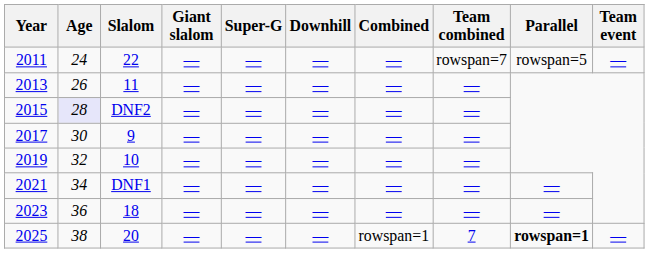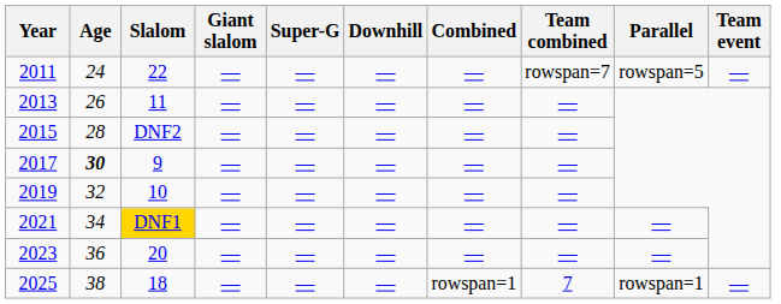 <table class=wikitable style="text-align:center">
 <tr>
 <th>  Year  </th>
 <th> Age </th>
 <th> Slalom </th>
 <th> Giant <br> slalom </th>
 <th>Super-G</th>
 <th>Downhill</th>
 <th>Combined</th>
 <th>Team<br>combined</th>
 <th>Parallel</th>
 <th>Team<br> event </th>
 </tr>
 <tr>
 <td><a href='#'>2011</a></td>
 <td><em>24</em></td>
 <td><a href='#'>22</a></td>
 <td><a href='#'>—</a></td>
 <td><a href='#'>—</a></td>
 <td><a href='#'>—</a></td>
 <td><a href='#'>—</a></td>
 <td>rowspan=7 </td>
 <td>rowspan=5 </td>
 <td><a href='#'>—</a></td>
 </tr>
 <tr>
 <td><a href='#'>2013</a></td>
 <td><em>26</em></td>
 <td><a href='#'>11</a></td>
 <td><a href='#'>—</a></td>
 <td><a href='#'>—</a></td>
 <td><a href='#'>—</a></td>
 <td><a href='#'>—</a></td>
 <td><a href='#'>—</a></td>
 </tr>
 <tr>
 <td><a href='#'>2015</a></td>
-<td style="background: lavender;"><em>28</em></td>
+<td><em>28</em></td>
 <td><a href='#'>DNF2</a></td>
 <td><a href='#'>—</a></td>
 <td><a href='#'>—</a></td>
 <td><a href='#'>—</a></td>
 <td><a href='#'>—</a></td>
 <td><a href='#'>—</a></td>
 </tr>
 <tr>
 <td><a href='#'>2017</a></td>
-<td><em>30</em></td>
+<td><strong><em>30</em></strong></td>
 <td><a href='#'>9</a></td>
 <td><a href='#'>—</a></td>
 <td><a href='#'>—</a></td>
 <td><a href='#'>—</a></td>
 <td><a href='#'>—</a></td>
 <td><a href='#'>—</a></td>
 </tr>
 <tr>
 <td><a href='#'>2019</a></td>
 <td><em>32</em></td>
 <td><a href='#'>10</a></td>
 <td><a href='#'>—</a></td>
 <td><a href='#'>—</a></td>
 <td><a href='#'>—</a></td>
 <td><a href='#'>—</a></td>
 <td><a href='#'>—</a></td>
 </tr>
 <tr>
 <td><a href='#'>2021</a></td>
 <td><em>34</em></td>
-<td><a href='#'>DNF1</a></td>
+<td style="background: gold;"><a href='#'>DNF1</a></td>
 <td><a href='#'>—</a></td>
 <td><a href='#'>—</a></td>
 <td><a href='#'>—</a></td>
 <td><a href='#'>—</a></td>
 <td><a href='#'>—</a></td>
 <td><a href='#'>—</a></td>
 </tr>
 <tr>
 <td><a href='#'>2023</a></td>
 <td><em>36</em></td>
-<td><a href='#'>18</a></td>
+<td><a href='#'>20</a></td>
 <td><a href='#'>—</a></td>
 <td><a href='#'>—</a></td>
 <td><a href='#'>—</a></td>
 <td><a href='#'>—</a></td>
 <td><a href='#'>—</a></td>
 <td><a href='#'>—</a></td>
 </tr>
 <tr>
 <td><a href='#'>2025</a></td>
 <td><em>38</em></td>
-<td><a href='#'>20</a></td>
+<td><a href='#'>18</a></td>
 <td><a href='#'>—</a></td>
 <td><a href='#'>—</a></td>
 <td><a href='#'>—</a></td>
 <td>rowspan=1 </td>
 <td><a href='#'>7</a></td>
-<td><strong>rowspan=1 </strong></td>
+<td>rowspan=1 </td>
 <td><a href='#'>—</a></td>
 </tr>
 </table>
